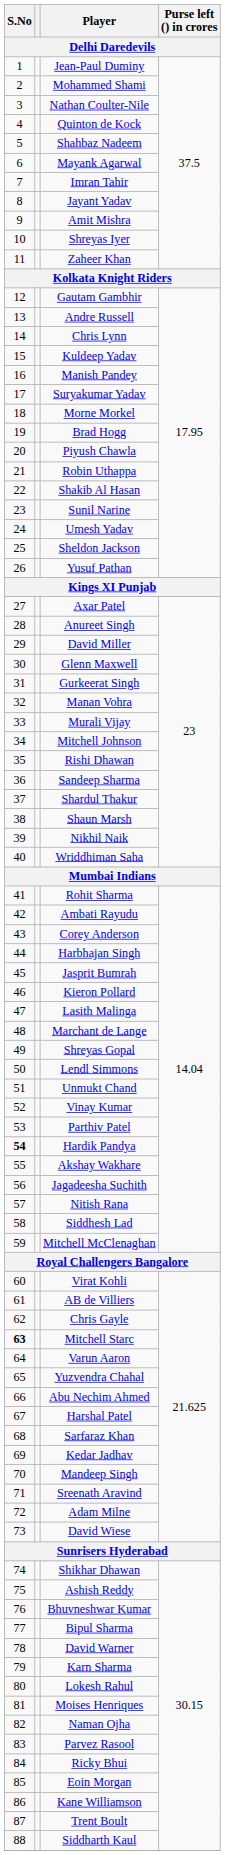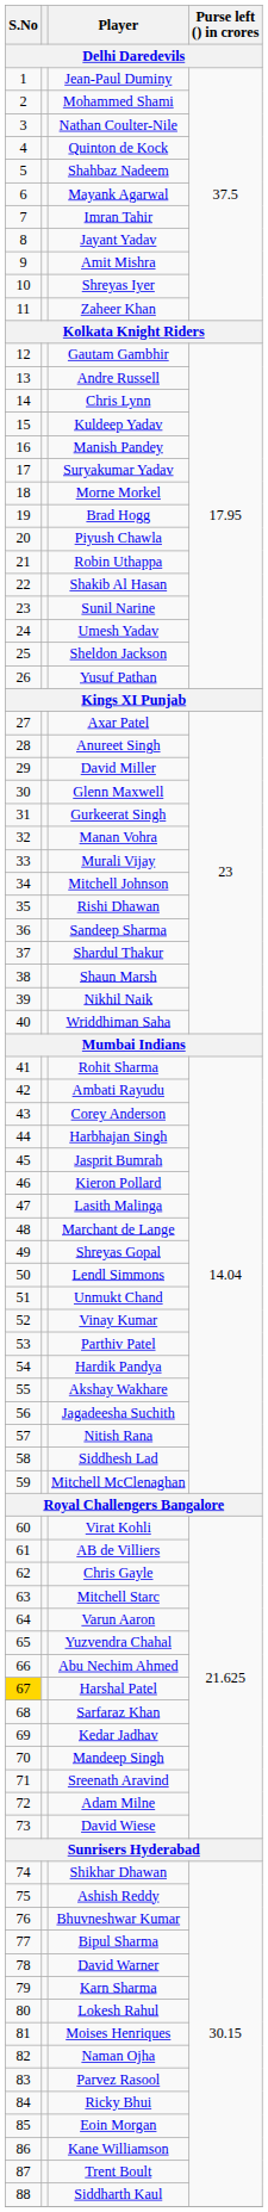 <table class="wikitable sortable"  style="text-align:center">
 <tr>
 <th>S.No</th>
 <th></th>
 <th>Player</th>
 <th>Purse left <br>() in crores</th>
 </tr>
 <tr>
 <th colspan="4"><strong><a href='#'>Delhi Daredevils</a></strong></th>
 </tr>
 <tr>
 <td>1</td>
 <td></td>
 <td><a href='#'>Jean-Paul Duminy</a></td>
 <td rowspan="11">37.5</td>
 </tr>
 <tr>
 <td>2</td>
 <td></td>
 <td><a href='#'>Mohammed Shami</a></td>
 </tr>
 <tr>
 <td>3</td>
 <td></td>
 <td><a href='#'>Nathan Coulter-Nile</a></td>
 </tr>
 <tr>
 <td>4</td>
 <td></td>
 <td><a href='#'>Quinton de Kock</a></td>
 </tr>
 <tr>
 <td>5</td>
 <td></td>
 <td><a href='#'>Shahbaz Nadeem</a></td>
 </tr>
 <tr>
 <td>6</td>
 <td></td>
 <td><a href='#'>Mayank Agarwal</a></td>
 </tr>
 <tr>
 <td>7</td>
 <td></td>
 <td><a href='#'>Imran Tahir</a></td>
 </tr>
 <tr>
 <td>8</td>
 <td></td>
 <td><a href='#'>Jayant Yadav</a></td>
 </tr>
 <tr>
 <td>9</td>
 <td></td>
 <td><a href='#'>Amit Mishra</a></td>
 </tr>
 <tr>
 <td>10</td>
 <td></td>
 <td><a href='#'>Shreyas Iyer</a></td>
 </tr>
 <tr>
 <td>11</td>
 <td></td>
 <td><a href='#'>Zaheer Khan</a></td>
 </tr>
 <tr>
 <th colspan="4"><strong><a href='#'>Kolkata Knight Riders</a></strong></th>
 </tr>
 <tr>
 <td>12</td>
 <td></td>
 <td><a href='#'>Gautam Gambhir</a></td>
 <td rowspan="15">17.95</td>
 </tr>
 <tr>
 <td>13</td>
 <td></td>
 <td><a href='#'>Andre Russell</a></td>
 </tr>
 <tr>
 <td>14</td>
 <td></td>
 <td><a href='#'>Chris Lynn</a></td>
 </tr>
 <tr>
 <td>15</td>
 <td></td>
 <td><a href='#'>Kuldeep Yadav</a></td>
 </tr>
 <tr>
 <td>16</td>
 <td></td>
 <td><a href='#'>Manish Pandey</a></td>
 </tr>
 <tr>
 <td>17</td>
 <td></td>
 <td><a href='#'>Suryakumar Yadav</a></td>
 </tr>
 <tr>
 <td>18</td>
 <td></td>
 <td><a href='#'>Morne Morkel</a></td>
 </tr>
 <tr>
 <td>19</td>
 <td></td>
 <td><a href='#'>Brad Hogg</a></td>
 </tr>
 <tr>
 <td>20</td>
 <td></td>
 <td><a href='#'>Piyush Chawla</a></td>
 </tr>
 <tr>
 <td>21</td>
 <td></td>
 <td><a href='#'>Robin Uthappa</a></td>
 </tr>
 <tr>
 <td>22</td>
 <td></td>
 <td><a href='#'>Shakib Al Hasan</a></td>
 </tr>
 <tr>
 <td>23</td>
 <td></td>
 <td><a href='#'>Sunil Narine</a></td>
 </tr>
 <tr>
 <td>24</td>
 <td></td>
 <td><a href='#'>Umesh Yadav</a></td>
 </tr>
 <tr>
 <td>25</td>
 <td></td>
 <td><a href='#'>Sheldon Jackson</a></td>
 </tr>
 <tr>
 <td>26</td>
 <td></td>
 <td><a href='#'>Yusuf Pathan</a></td>
 </tr>
 <tr>
 <th colspan="4"><strong><a href='#'>Kings XI Punjab</a></strong></th>
 </tr>
 <tr>
 <td>27</td>
 <td></td>
 <td><a href='#'>Axar Patel</a></td>
 <td rowspan="14">23</td>
 </tr>
 <tr>
 <td>28</td>
 <td></td>
 <td><a href='#'>Anureet Singh</a></td>
 </tr>
 <tr>
 <td>29</td>
 <td></td>
 <td><a href='#'>David Miller</a></td>
 </tr>
 <tr>
 <td>30</td>
 <td></td>
 <td><a href='#'>Glenn Maxwell</a></td>
 </tr>
 <tr>
 <td>31</td>
 <td></td>
 <td><a href='#'>Gurkeerat Singh</a></td>
 </tr>
 <tr>
 <td>32</td>
 <td></td>
 <td><a href='#'>Manan Vohra</a></td>
 </tr>
 <tr>
 <td>33</td>
 <td></td>
 <td><a href='#'>Murali Vijay</a></td>
 </tr>
 <tr>
 <td>34</td>
 <td></td>
 <td><a href='#'>Mitchell Johnson</a></td>
 </tr>
 <tr>
 <td>35</td>
 <td></td>
 <td><a href='#'>Rishi Dhawan</a></td>
 </tr>
 <tr>
 <td>36</td>
 <td></td>
 <td><a href='#'>Sandeep Sharma</a></td>
 </tr>
 <tr>
 <td>37</td>
 <td></td>
 <td><a href='#'>Shardul Thakur</a></td>
 </tr>
 <tr>
 <td>38</td>
 <td></td>
 <td><a href='#'>Shaun Marsh</a></td>
 </tr>
 <tr>
 <td>39</td>
 <td></td>
 <td><a href='#'>Nikhil Naik</a></td>
 </tr>
 <tr>
 <td>40</td>
 <td></td>
 <td><a href='#'>Wriddhiman Saha</a></td>
 </tr>
 <tr>
 <th colspan="4"><strong><a href='#'>Mumbai Indians</a></strong></th>
 </tr>
 <tr>
 <td>41</td>
 <td></td>
 <td><a href='#'>Rohit Sharma</a></td>
 <td rowspan="19">14.04</td>
 </tr>
 <tr>
 <td>42</td>
 <td></td>
 <td><a href='#'>Ambati Rayudu</a></td>
 </tr>
 <tr>
 <td>43</td>
 <td></td>
 <td><a href='#'>Corey Anderson</a></td>
 </tr>
 <tr>
 <td>44</td>
 <td></td>
 <td><a href='#'>Harbhajan Singh</a></td>
 </tr>
 <tr>
 <td>45</td>
 <td></td>
 <td><a href='#'>Jasprit Bumrah</a></td>
 </tr>
 <tr>
 <td>46</td>
 <td></td>
 <td><a href='#'>Kieron Pollard</a></td>
 </tr>
 <tr>
 <td>47</td>
 <td></td>
 <td><a href='#'>Lasith Malinga</a></td>
 </tr>
 <tr>
 <td>48</td>
 <td></td>
 <td><a href='#'>Marchant de Lange</a></td>
 </tr>
 <tr>
 <td>49</td>
 <td></td>
 <td><a href='#'>Shreyas Gopal</a></td>
 </tr>
 <tr>
 <td>50</td>
 <td></td>
 <td><a href='#'>Lendl Simmons</a></td>
 </tr>
 <tr>
 <td>51</td>
 <td></td>
 <td><a href='#'>Unmukt Chand</a></td>
 </tr>
 <tr>
 <td>52</td>
 <td></td>
 <td><a href='#'>Vinay Kumar</a></td>
 </tr>
 <tr>
 <td>53</td>
 <td></td>
 <td><a href='#'>Parthiv Patel</a></td>
 </tr>
 <tr>
-<td><strong>54</strong></td>
+<td>54</td>
 <td></td>
 <td><a href='#'>Hardik Pandya</a></td>
 </tr>
 <tr>
 <td>55</td>
 <td></td>
 <td><a href='#'>Akshay Wakhare</a></td>
 </tr>
 <tr>
 <td>56</td>
 <td></td>
 <td><a href='#'>Jagadeesha Suchith</a></td>
 </tr>
 <tr>
 <td>57</td>
 <td></td>
 <td><a href='#'>Nitish Rana</a></td>
 </tr>
 <tr>
 <td>58</td>
 <td></td>
 <td><a href='#'>Siddhesh Lad</a></td>
 </tr>
 <tr>
 <td>59</td>
 <td></td>
 <td><a href='#'>Mitchell McClenaghan</a></td>
 </tr>
 <tr>
 <th colspan="4"><strong><a href='#'>Royal Challengers Bangalore</a></strong></th>
 </tr>
 <tr>
 <td>60</td>
 <td></td>
 <td><a href='#'>Virat Kohli</a></td>
 <td rowspan="14">21.625</td>
 </tr>
 <tr>
 <td>61</td>
 <td></td>
 <td><a href='#'>AB de Villiers</a></td>
 </tr>
 <tr>
 <td>62</td>
 <td></td>
 <td><a href='#'>Chris Gayle</a></td>
 </tr>
 <tr>
-<td><strong>63</strong></td>
+<td>63</td>
 <td></td>
 <td><a href='#'>Mitchell Starc</a></td>
 </tr>
 <tr>
 <td>64</td>
 <td></td>
 <td><a href='#'>Varun Aaron</a></td>
 </tr>
 <tr>
 <td>65</td>
 <td></td>
 <td><a href='#'>Yuzvendra Chahal</a></td>
 </tr>
 <tr>
 <td>66</td>
 <td></td>
 <td><a href='#'>Abu Nechim Ahmed</a></td>
 </tr>
 <tr>
-<td>67</td>
+<td style="background: gold;">67</td>
 <td></td>
 <td><a href='#'>Harshal Patel</a></td>
 </tr>
 <tr>
 <td>68</td>
 <td></td>
 <td><a href='#'>Sarfaraz Khan</a></td>
 </tr>
 <tr>
 <td>69</td>
 <td></td>
 <td><a href='#'>Kedar Jadhav</a></td>
 </tr>
 <tr>
 <td>70</td>
 <td></td>
 <td><a href='#'>Mandeep Singh</a></td>
 </tr>
 <tr>
 <td>71</td>
 <td></td>
 <td><a href='#'>Sreenath Aravind</a></td>
 </tr>
 <tr>
 <td>72</td>
 <td></td>
 <td><a href='#'>Adam Milne</a></td>
 </tr>
 <tr>
 <td>73</td>
 <td></td>
 <td><a href='#'>David Wiese</a></td>
 </tr>
 <tr>
 <th colspan="4"><strong><a href='#'>Sunrisers Hyderabad</a></strong></th>
 </tr>
 <tr>
 <td>74</td>
 <td></td>
 <td><a href='#'>Shikhar Dhawan</a></td>
 <td rowspan="15">30.15</td>
 </tr>
 <tr>
 <td>75</td>
 <td></td>
 <td><a href='#'>Ashish Reddy</a></td>
 </tr>
 <tr>
 <td>76</td>
 <td></td>
 <td><a href='#'>Bhuvneshwar Kumar</a></td>
 </tr>
 <tr>
 <td>77</td>
 <td></td>
 <td><a href='#'>Bipul Sharma</a></td>
 </tr>
 <tr>
 <td>78</td>
 <td></td>
 <td><a href='#'>David Warner</a></td>
 </tr>
 <tr>
 <td>79</td>
 <td></td>
 <td><a href='#'>Karn Sharma</a></td>
 </tr>
 <tr>
 <td>80</td>
 <td></td>
 <td><a href='#'>Lokesh Rahul</a></td>
 </tr>
 <tr>
 <td>81</td>
 <td></td>
 <td><a href='#'>Moises Henriques</a></td>
 </tr>
 <tr>
 <td>82</td>
 <td></td>
 <td><a href='#'>Naman Ojha</a></td>
 </tr>
 <tr>
 <td>83</td>
 <td></td>
 <td><a href='#'>Parvez Rasool</a></td>
 </tr>
 <tr>
 <td>84</td>
 <td></td>
 <td><a href='#'>Ricky Bhui</a></td>
 </tr>
 <tr>
 <td>85</td>
 <td></td>
 <td><a href='#'>Eoin Morgan</a></td>
 </tr>
 <tr>
 <td>86</td>
 <td></td>
 <td><a href='#'>Kane Williamson</a></td>
 </tr>
 <tr>
 <td>87</td>
 <td></td>
 <td><a href='#'>Trent Boult</a></td>
 </tr>
 <tr>
 <td>88</td>
 <td></td>
 <td><a href='#'>Siddharth Kaul</a></td>
 </tr>
 <tr>
 </tr>
 </table>
